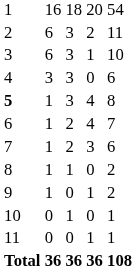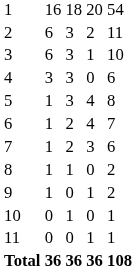 <table>
 <tr>
 <td>1</td>
 <td align=left></td>
 <td>16</td>
 <td>18</td>
 <td>20</td>
 <td>54</td>
 </tr>
 <tr>
 <td>2</td>
 <td align=left></td>
 <td>6</td>
 <td>3</td>
 <td>2</td>
 <td>11</td>
 </tr>
 <tr>
 <td>3</td>
 <td align=left></td>
 <td>6</td>
 <td>3</td>
 <td>1</td>
 <td>10</td>
 </tr>
 <tr>
 <td>4</td>
 <td align=left></td>
 <td>3</td>
 <td>3</td>
 <td>0</td>
 <td>6</td>
 </tr>
 <tr>
-<td><strong>5</strong></td>
+<td>5</td>
 <td align=left></td>
 <td>1</td>
 <td>3</td>
 <td>4</td>
 <td>8</td>
 </tr>
 <tr>
 <td>6</td>
 <td align=left></td>
 <td>1</td>
 <td>2</td>
 <td>4</td>
 <td>7</td>
 </tr>
 <tr>
 <td>7</td>
 <td align=left></td>
 <td>1</td>
 <td>2</td>
 <td>3</td>
 <td>6</td>
 </tr>
 <tr>
 <td>8</td>
 <td align=left></td>
 <td>1</td>
 <td>1</td>
 <td>0</td>
 <td>2</td>
 </tr>
 <tr>
 <td>9</td>
 <td align=left></td>
 <td>1</td>
 <td>0</td>
 <td>1</td>
 <td>2</td>
 </tr>
 <tr>
 <td>10</td>
 <td align=left></td>
 <td>0</td>
 <td>1</td>
 <td>0</td>
 <td>1</td>
 </tr>
 <tr>
 <td>11</td>
 <td align=left></td>
 <td>0</td>
 <td>0</td>
 <td>1</td>
 <td>1</td>
 </tr>
 <tr class="sortbottom">
 <th colspan=2>Total</th>
 <th>36</th>
 <th>36</th>
 <th>36</th>
 <th>108</th>
 </tr>
 </table>
